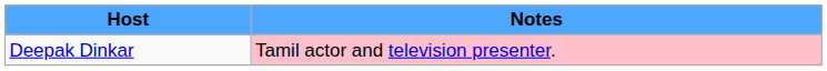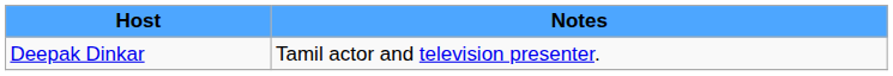 <table class="wikitable" width="55%">
 <tr>
 <th scope="col" style ="background: #4da6ff;"style="background: #8FBC8F ;color:black">Host</th>
 <th scope="col" style ="background: #4da6ff;"style="background: #8FBC8F ;color:black">Notes</th>
 </tr>
 <tr>
 <td><a href='#'>Deepak Dinkar</a></td>
-<td style="background: pink;">Tamil actor and <a href='#'>television presenter</a>.</td>
+<td>Tamil actor and <a href='#'>television presenter</a>.</td>
 </tr>
 <tr>
 </tr>
 </table>
